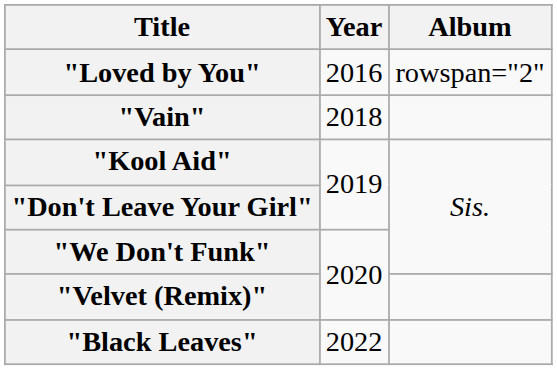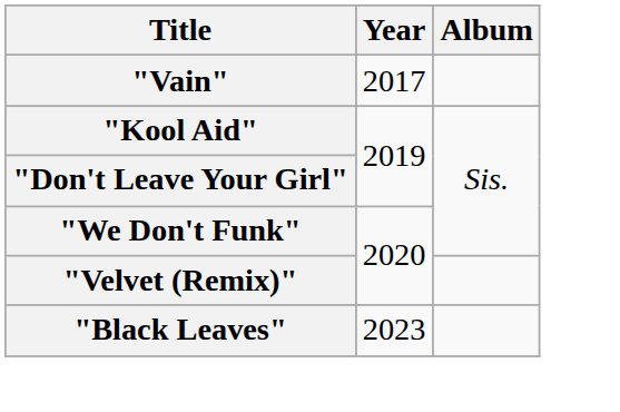 <table class="wikitable plainrowheaders" style="text-align:center;">
 <tr>
 <th scope="col">Title</th>
 <th scope="col">Year</th>
 <th scope="col">Album</th>
 </tr>
 <tr>
-<th scope="row">"Loved by You"</th>
-<td>2016</td>
-<td>rowspan="2" </td>
-</tr>
-<tr>
 <th scope="row">"Vain"</th>
-<td>2018</td>
+<td>2017</td>
 </tr>
 <tr>
 <th scope="row">"Kool Aid"</th>
 <td rowspan="2">2019</td>
 <td rowspan="3"><em>Sis.</em></td>
 </tr>
 <tr>
 <th scope="row">"Don't Leave Your Girl"</th>
 </tr>
 <tr>
 <th scope="row">"We Don't Funk"</th>
 <td rowspan="2">2020</td>
 </tr>
 <tr>
 <th scope="row">"Velvet (Remix)"<br></th>
 <td></td>
 </tr>
 <tr>
 <th scope="row">"Black Leaves"</th>
-<td>2022</td>
+<td>2023</td>
 <td></td>
 </tr>
 </table>
